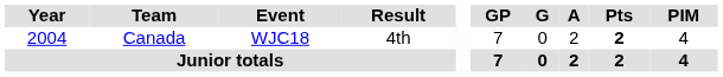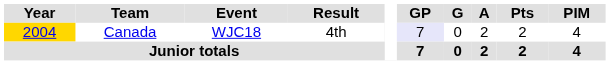 <table border="0" cellpadding="1" cellspacing="0" style="text-align:center; width:40em">
 <tr ALIGN="center" bgcolor="#e0e0e0">
 <th>Year</th>
 <th>Team</th>
 <th>Event</th>
 <th>Result</th>
 <th rowspan="99" bgcolor="#ffffff"> </th>
 <th>GP</th>
 <th>G</th>
 <th>A</th>
 <th>Pts</th>
 <th>PIM</th>
 </tr>
 <tr>
-<td><a href='#'>2004</a></td>
+<td style="background: gold;"><a href='#'>2004</a></td>
 <td><a href='#'>Canada</a></td>
 <td><a href='#'>WJC18</a></td>
 <td>4th</td>
-<td>7</td>
+<td style="background: lavender;">7</td>
 <td>0</td>
 <td>2</td>
-<td><strong>2</strong></td>
+<td>2</td>
 <td>4</td>
 </tr>
 <tr bgcolor="#e0e0e0">
 <th colspan=4>Junior totals</th>
 <th>7</th>
 <th>0</th>
 <th>2</th>
 <th>2</th>
 <th>4</th>
 </tr>
 </table>
